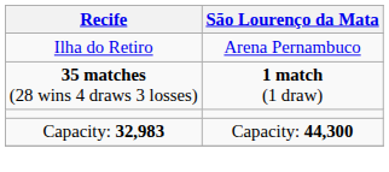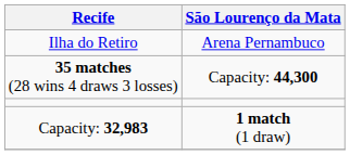 <table class="wikitable" style="text-align:center">
 <tr>
 <th><a href='#'>Recife</a></th>
 <th><a href='#'>São Lourenço da Mata</a></th>
 </tr>
 <tr>
 <td><a href='#'>Ilha do Retiro</a></td>
 <td><a href='#'>Arena Pernambuco</a></td>
 </tr>
 <tr>
 <td><strong>35 matches</strong><br>(28 wins 4 draws 3 losses)</td>
-<td><strong>1 match</strong><br>(1 draw)</td>
+<td>Capacity: <strong>44,300</strong></td>
 </tr>
 <tr>
 <td></td>
 <td></td>
 </tr>
 <tr>
 <td>Capacity: <strong>32,983</strong></td>
-<td>Capacity: <strong>44,300</strong></td>
+<td><strong>1 match</strong><br>(1 draw)</td>
 </tr>
 <tr>
 </tr>
 </table>
